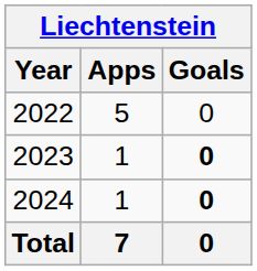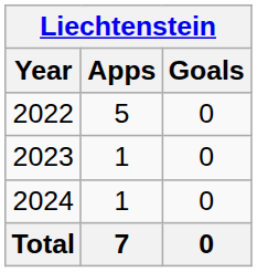 <table class="wikitable" style="text-align:center">
 <tr>
 <th colspan=3><a href='#'>Liechtenstein</a></th>
 </tr>
 <tr>
 <th>Year</th>
 <th>Apps</th>
 <th>Goals</th>
 </tr>
 <tr>
 <td>2022</td>
 <td>5</td>
 <td>0</td>
 </tr>
 <tr>
 <td>2023</td>
 <td>1</td>
-<td><strong>0</strong></td>
+<td>0</td>
 </tr>
 <tr>
 <td>2024</td>
 <td>1</td>
-<td><strong>0</strong></td>
+<td>0</td>
 </tr>
 <tr>
 <th>Total</th>
 <th>7</th>
 <th>0</th>
 </tr>
 </table>
